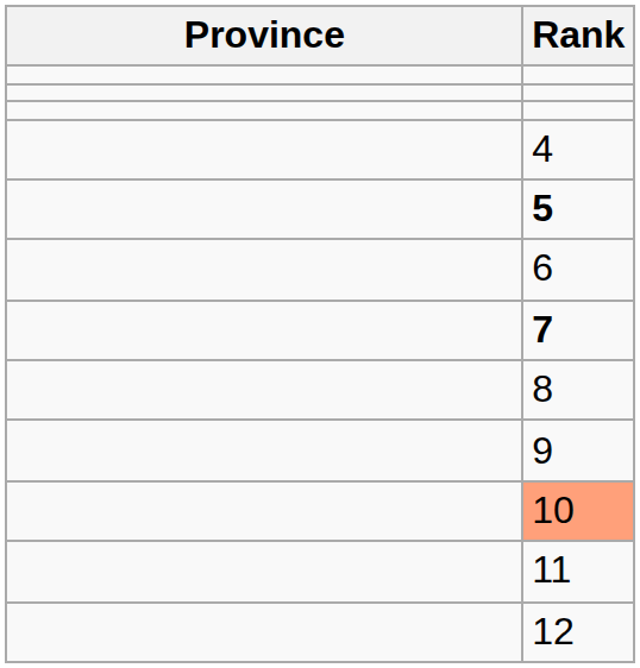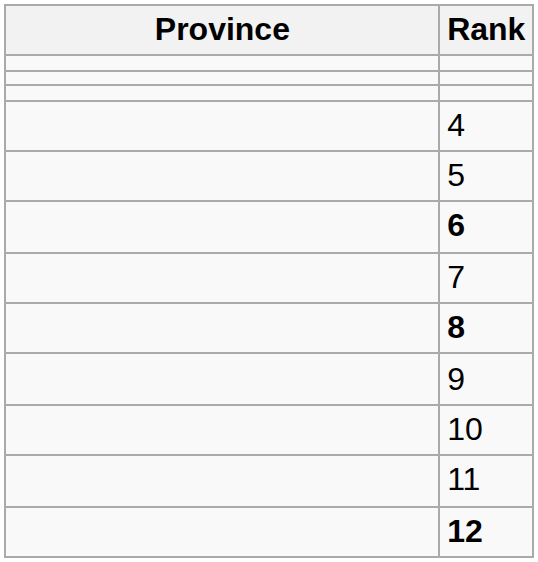 <table class="wikitable">
 <tr>
 <th width=210>Province</th>
 <th width=15>Rank</th>
 </tr>
 <tr>
 <td></td>
 <td></td>
 </tr>
 <tr>
 <td></td>
 <td></td>
 </tr>
 <tr>
 <td></td>
 <td></td>
 </tr>
 <tr>
 <td></td>
 <td>4</td>
 </tr>
 <tr>
 <td></td>
-<td><strong>5</strong></td>
+<td>5</td>
 </tr>
 <tr>
 <td></td>
-<td>6</td>
+<td><strong>6</strong></td>
 </tr>
 <tr>
 <td></td>
-<td><strong>7</strong></td>
+<td>7</td>
 </tr>
 <tr>
 <td></td>
-<td>8</td>
+<td><strong>8</strong></td>
 </tr>
 <tr>
 <td></td>
 <td>9</td>
 </tr>
 <tr>
 <td></td>
-<td style="background: lightsalmon;">10</td>
+<td>10</td>
 </tr>
 <tr>
 <td></td>
 <td>11</td>
 </tr>
 <tr>
 <td></td>
-<td>12</td>
+<td><strong>12</strong></td>
 </tr>
 </table>
